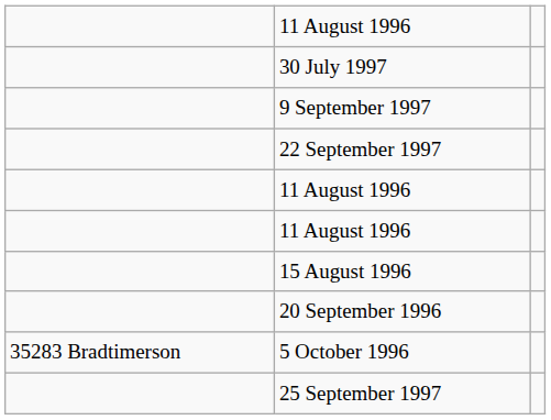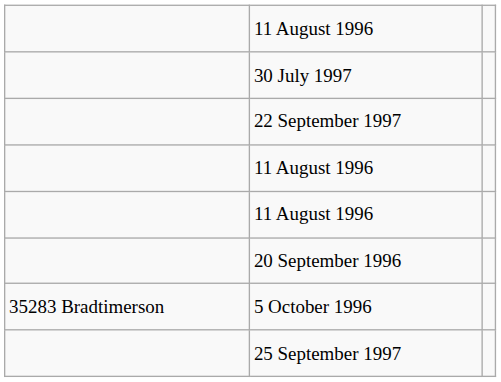 <table class="wikitable" style="font-size: 89%; float: left; width: 26em; margin-right: 1em; height: 280px;">
 <tr>
 <td></td>
 <td>11 August 1996</td>
 <td></td>
 </tr>
 <tr>
 <td></td>
 <td>30 July 1997</td>
-<td></td>
-</tr>
-<tr>
-<td></td>
-<td>9 September 1997</td>
 <td></td>
 </tr>
 <tr>
 <td></td>
 <td>22 September 1997</td>
 <td></td>
 </tr>
 <tr>
 <td></td>
 <td>11 August 1996</td>
 <td></td>
 </tr>
 <tr>
 <td></td>
 <td>11 August 1996</td>
 <td></td>
 </tr>
 <tr>
 <td></td>
-<td>15 August 1996</td>
-<td></td>
-</tr>
-<tr>
-<td></td>
 <td>20 September 1996</td>
 <td></td>
 </tr>
 <tr>
 <td>35283 Bradtimerson</td>
 <td>5 October 1996</td>
 <td></td>
 </tr>
 <tr>
 <td></td>
 <td>25 September 1997</td>
 <td></td>
 </tr>
 </table>
